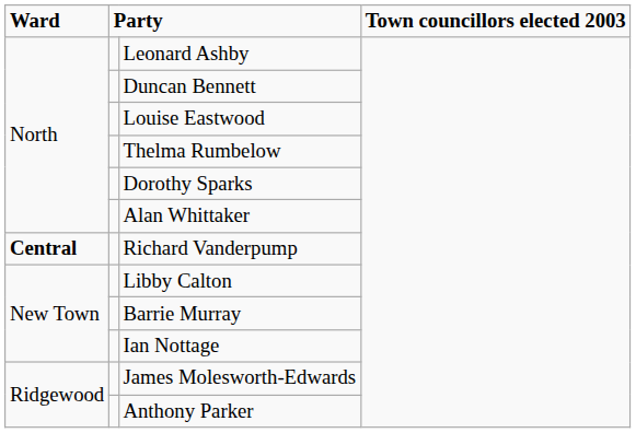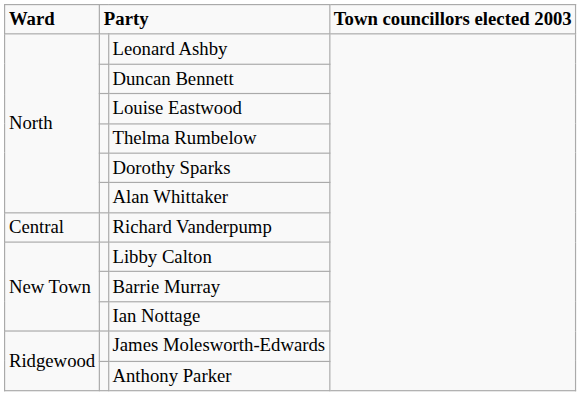 <table class="wikitable">
 <tr>
 <td><strong>Ward</strong></td>
 <td colspan=2><strong>Party</strong></td>
 <td><strong>Town councillors elected 2003</strong></td>
 </tr>
 <tr>
 <td rowspan="6">North</td>
 <td></td>
 <td>Leonard Ashby</td>
 </tr>
 <tr>
 <td></td>
 <td>Duncan Bennett</td>
 </tr>
 <tr>
 <td></td>
 <td>Louise Eastwood</td>
 </tr>
 <tr>
 <td></td>
 <td>Thelma Rumbelow</td>
 </tr>
 <tr>
 <td></td>
 <td>Dorothy Sparks</td>
 </tr>
 <tr>
 <td></td>
 <td>Alan Whittaker</td>
 </tr>
 <tr>
-<td><strong>Central</strong></td>
+<td>Central</td>
 <td></td>
 <td>Richard Vanderpump</td>
 </tr>
 <tr>
 <td rowspan="3">New Town</td>
 <td></td>
 <td>Libby Calton</td>
 </tr>
 <tr>
 <td></td>
 <td>Barrie Murray</td>
 </tr>
 <tr>
 <td></td>
 <td>Ian Nottage</td>
 </tr>
 <tr>
 <td rowspan="2">Ridgewood</td>
 <td></td>
 <td>James Molesworth-Edwards</td>
 </tr>
 <tr>
 <td></td>
 <td>Anthony Parker</td>
 </tr>
 </table>
